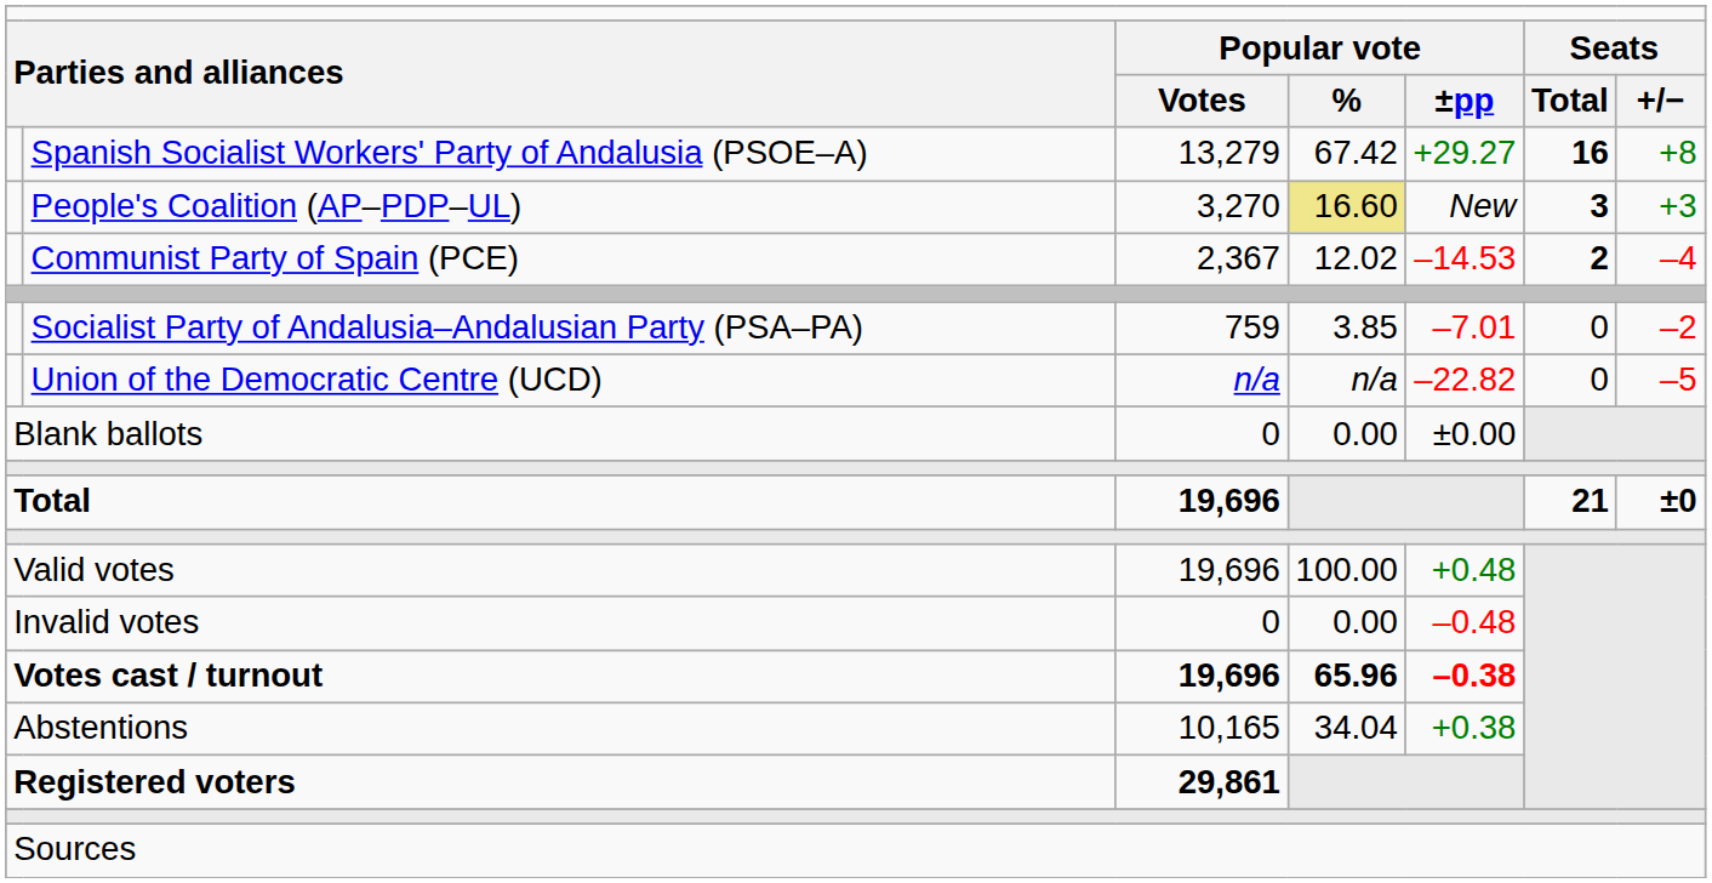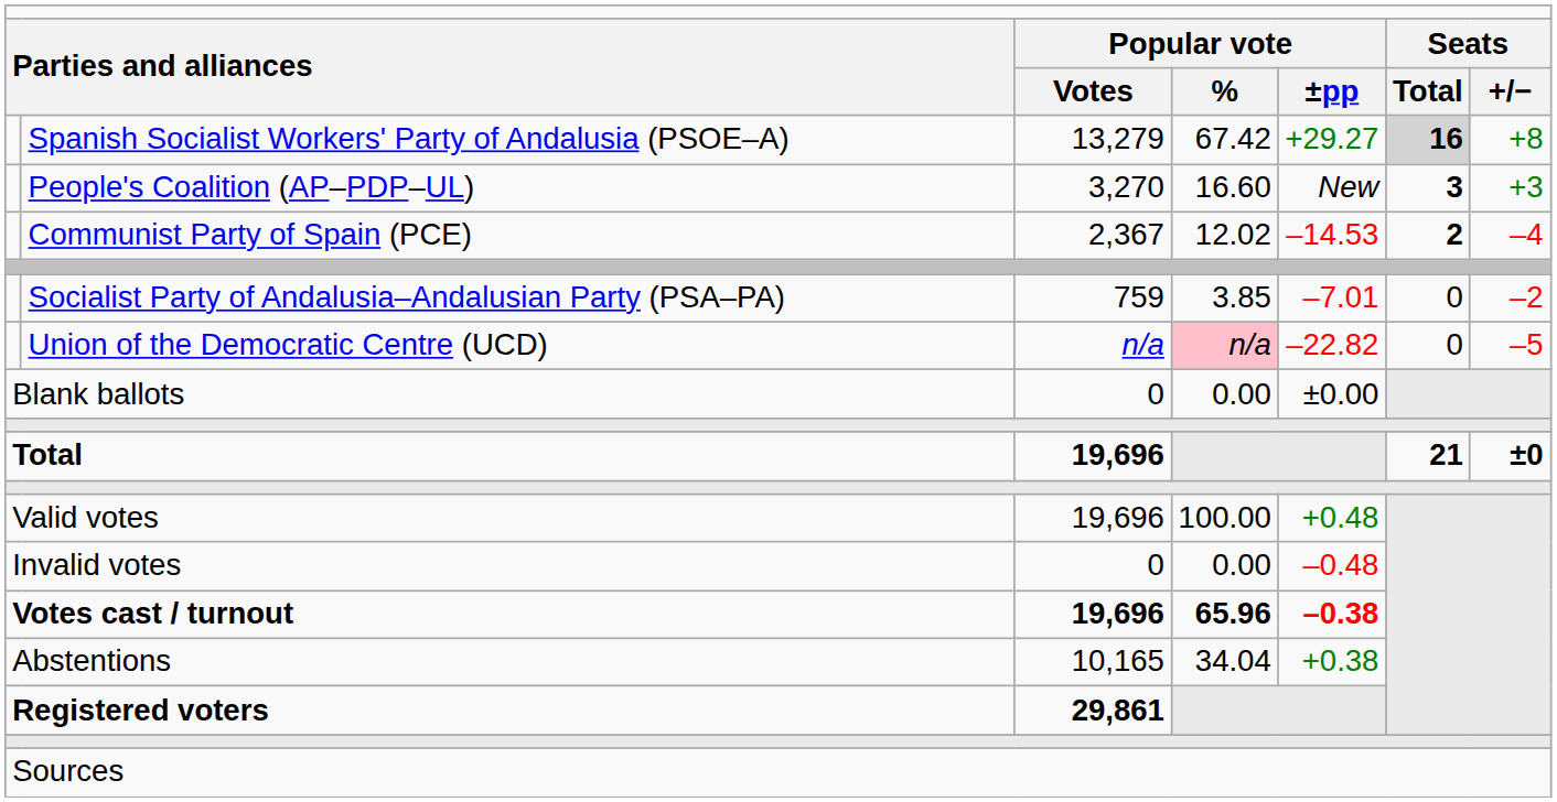 <table class="wikitable" style="text-align:right;">
 <tr>
 <td colspan="7"></td>
 </tr>
 <tr>
 <th style="text-align:left;" rowspan="2" colspan="2" width="525">Parties and alliances</th>
 <th colspan="3">Popular vote</th>
 <th colspan="2">Seats</th>
 </tr>
 <tr>
 <th width="75">Votes</th>
 <th width="45">%</th>
 <th width="45">±<a href='#'>pp</a></th>
 <th width="35">Total</th>
 <th width="35">+/−</th>
 </tr>
 <tr>
 <td width="1" style="color:inherit;background:"></td>
 <td align="left"><a href='#'>Spanish Socialist Workers' Party of Andalusia</a> (PSOE–A)</td>
 <td>13,279</td>
 <td>67.42</td>
 <td style="color:green;">+29.27</td>
-<td><strong>16</strong></td>
+<td style="background: lightgrey;"><strong>16</strong></td>
 <td style="color:green;">+8</td>
 </tr>
 <tr>
 <td style="color:inherit;background:"></td>
 <td align="left"><a href='#'>People's Coalition</a> (<a href='#'>AP</a>–<a href='#'>PDP</a>–<a href='#'>UL</a>)</td>
 <td>3,270</td>
-<td style="background: khaki;">16.60</td>
+<td>16.60</td>
 <td><em>New</em></td>
 <td><strong>3</strong></td>
 <td style="color:green;">+3</td>
 </tr>
 <tr>
 <td style="color:inherit;background:"></td>
 <td align="left"><a href='#'>Communist Party of Spain</a> (PCE)</td>
 <td>2,367</td>
 <td>12.02</td>
 <td style="color:red;">–14.53</td>
 <td><strong>2</strong></td>
 <td style="color:red;">–4</td>
 </tr>
 <tr>
 <td colspan="7" bgcolor="#C0C0C0"></td>
 </tr>
 <tr>
 <td style="color:inherit;background:"></td>
 <td align="left"><a href='#'>Socialist Party of Andalusia–Andalusian Party</a> (PSA–PA)</td>
 <td>759</td>
 <td>3.85</td>
 <td style="color:red;">–7.01</td>
 <td>0</td>
 <td style="color:red;">–2</td>
 </tr>
 <tr>
 <td style="color:inherit;background:"></td>
 <td align="left"><a href='#'>Union of the Democratic Centre</a> (UCD)</td>
 <td><em><a href='#'>n/a</a></em></td>
-<td><em>n/a</em></td>
+<td style="background: pink;"><em>n/a</em></td>
 <td style="color:red;">–22.82</td>
 <td>0</td>
 <td style="color:red;">–5</td>
 </tr>
 <tr>
 <td align="left" colspan="2">Blank ballots</td>
 <td>0</td>
 <td>0.00</td>
 <td>±0.00</td>
 <td bgcolor="#E9E9E9" colspan="2"></td>
 </tr>
 <tr>
 <td colspan="7" bgcolor="#E9E9E9"></td>
 </tr>
 <tr style="font-weight:bold;">
 <td align="left" colspan="2">Total</td>
 <td>19,696</td>
 <td bgcolor="#E9E9E9" colspan="2"></td>
 <td>21</td>
 <td>±0</td>
 </tr>
 <tr>
 <td colspan="7" bgcolor="#E9E9E9"></td>
 </tr>
 <tr>
 <td align="left" colspan="2">Valid votes</td>
 <td>19,696</td>
 <td>100.00</td>
 <td style="color:green;">+0.48</td>
 <td bgcolor="#E9E9E9" colspan="2" rowspan="5"></td>
 </tr>
 <tr>
 <td align="left" colspan="2">Invalid votes</td>
 <td>0</td>
 <td>0.00</td>
 <td style="color:red;">–0.48</td>
 </tr>
 <tr style="font-weight:bold;">
 <td align="left" colspan="2">Votes cast / turnout</td>
 <td>19,696</td>
 <td>65.96</td>
 <td style="color:red;">–0.38</td>
 </tr>
 <tr>
 <td align="left" colspan="2">Abstentions</td>
 <td>10,165</td>
 <td>34.04</td>
 <td style="color:green;">+0.38</td>
 </tr>
 <tr style="font-weight:bold;">
 <td align="left" colspan="2">Registered voters</td>
 <td>29,861</td>
 <td bgcolor="#E9E9E9" colspan="2"></td>
 </tr>
 <tr>
 <td colspan="7" bgcolor="#E9E9E9"></td>
 </tr>
 <tr>
 <td align="left" colspan="7">Sources</td>
 </tr>
 </table>
